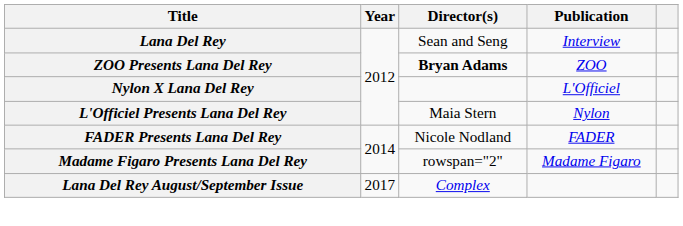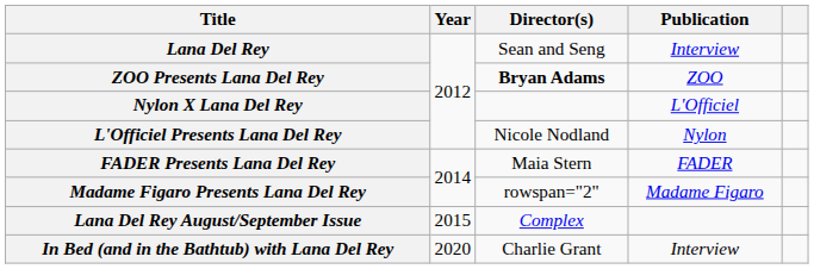 <table class="wikitable sortable plainrowheaders" style="text-align:center;">
 <tr>
 <th scope="col" style="width:23em;">Title</th>
 <th scope="col" style="width:2em;">Year</th>
 <th scope="col" style="width:8em;">Director(s)</th>
 <th scope="col" style="width:8em;">Publication</th>
 <th scope="col" style="width:1em;" class="unsortable"></th>
 </tr>
 <tr>
 <th scope="row"><em>Lana Del Rey</em></th>
 <td rowspan="4">2012</td>
 <td>Sean and Seng</td>
 <td><em><a href='#'>Interview</a></em></td>
 <td></td>
 </tr>
 <tr>
 <th scope="row"><em>ZOO Presents Lana Del Rey</em></th>
 <td><strong>Bryan Adams</strong></td>
 <td><em><a href='#'>ZOO</a></em></td>
 <td></td>
 </tr>
 <tr>
 <th scope="row"><em>Nylon X Lana Del Rey</em></th>
 <td></td>
 <td><em><a href='#'>L'Officiel</a></em></td>
 <td></td>
 </tr>
 <tr>
 <th scope="row"><em>L'Officiel Presents Lana Del Rey</em></th>
-<td>Maia Stern</td>
+<td>Nicole Nodland</td>
 <td><em><a href='#'>Nylon</a></em></td>
 <td></td>
 </tr>
 <tr>
 <th scope="row"><em>FADER Presents Lana Del Rey</em></th>
 <td rowspan="2">2014</td>
-<td>Nicole Nodland</td>
+<td>Maia Stern</td>
 <td><em><a href='#'>FADER</a></em></td>
 <td></td>
 </tr>
 <tr>
 <th scope="row"><em>Madame Figaro Presents Lana Del Rey</em></th>
 <td>rowspan="2" </td>
 <td><em><a href='#'>Madame Figaro</a></em></td>
 <td></td>
 </tr>
 <tr>
 <th scope="row"><em>Lana Del Rey August/September Issue</em></th>
-<td>2017</td>
+<td>2015</td>
 <td><em><a href='#'>Complex</a></em></td>
 <td></td>
 </tr>
+<tr>
+<th scope="row"><em>In Bed (and in the Bathtub) with Lana Del Rey</em></th>
+<td>2020</td>
+<td>Charlie Grant</td>
+<td><em>Interview</em></td>
+<td></td>
+</tr>
 </table>
